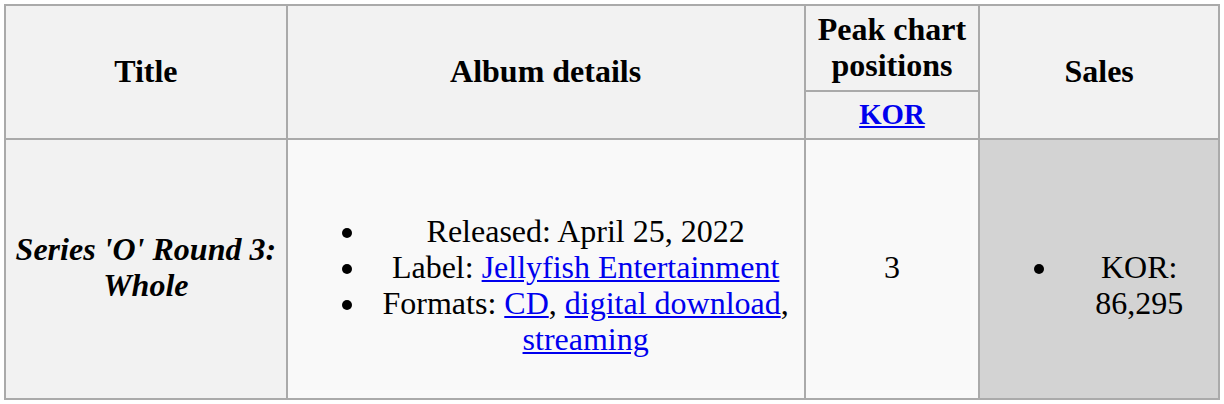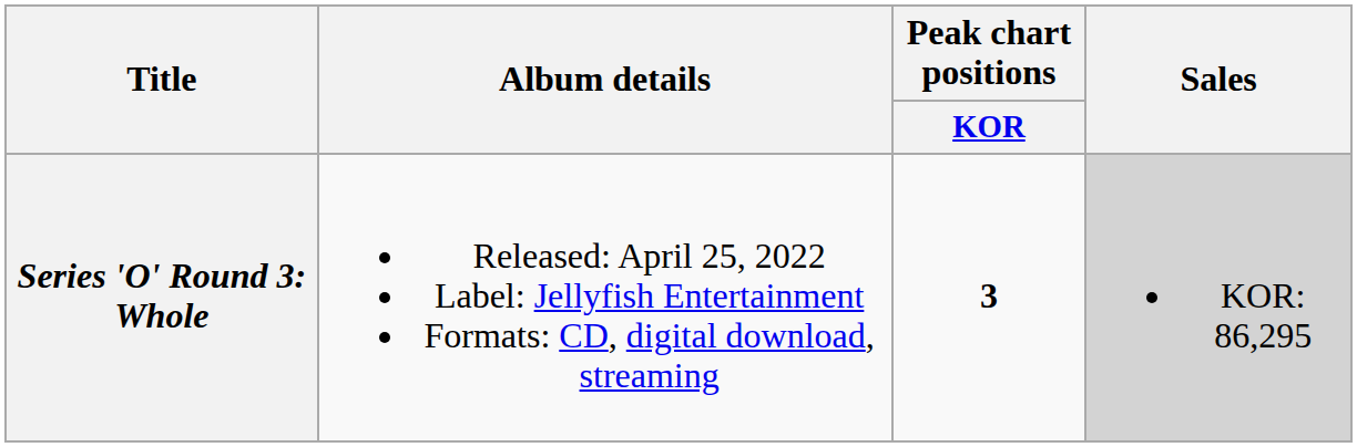 <table class="wikitable plainrowheaders" style="text-align:center;">
 <tr>
 <th scope="col" rowspan="2">Title</th>
 <th scope="col" rowspan="2">Album details</th>
 <th scope="col" style="width:5em;" colspan="1">Peak chart positions</th>
 <th scope="col" rowspan="2">Sales</th>
 </tr>
 <tr>
 <th scope="col" style="width:2.2em;font-size:90%;"><a href='#'>KOR</a><br></th>
 </tr>
 <tr>
 <th scope="row"><em>Series 'O' Round 3: Whole</em></th>
 <td><br><ul><li>Released: April 25, 2022</li><li>Label: <a href='#'>Jellyfish Entertainment</a></li><li>Formats: <a href='#'>CD</a>, <a href='#'>digital download</a>, <a href='#'>streaming</a></li></ul></td>
-<td>3</td>
+<td><strong>3</strong></td>
 <td style="background: lightgrey;"><br><ul><li>KOR: 86,295</li></ul></td>
 </tr>
 </table>
